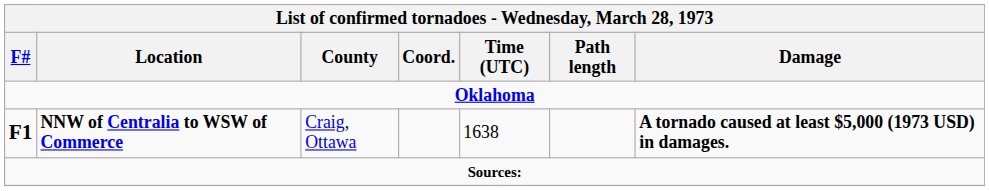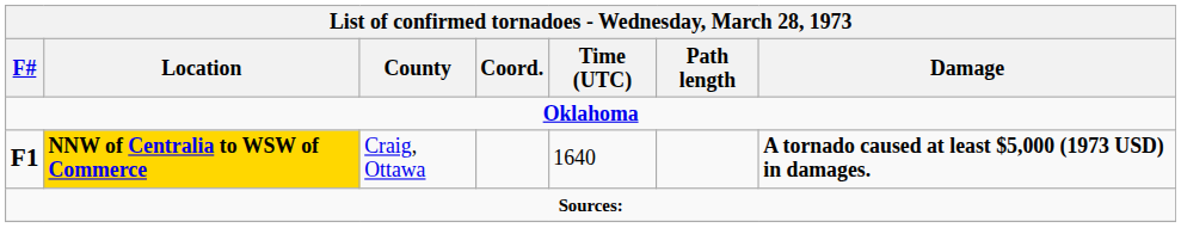 <table class="wikitable collapsible" width="100%">
 <tr>
 <th colspan="7">List of confirmed tornadoes - Wednesday, March 28, 1973</th>
 </tr>
 <tr>
 <th><a href='#'>F#</a></th>
 <th>Location</th>
 <th>County</th>
 <th>Coord.</th>
 <th>Time (UTC)</th>
 <th>Path length</th>
 <th>Damage</th>
 </tr>
 <tr>
 <td colspan="7" align=center><strong><a href='#'>Oklahoma</a></strong></td>
 </tr>
 <tr>
 <td><big><strong>F1</strong></big></td>
-<td><strong>NNW of <a href='#'>Centralia</a> to WSW of <a href='#'>Commerce</a></strong></td>
+<td style="background: gold;"><strong>NNW of <a href='#'>Centralia</a> to WSW of <a href='#'>Commerce</a></strong></td>
 <td><a href='#'>Craig</a>, <a href='#'>Ottawa</a></td>
 <td></td>
-<td>1638</td>
+<td>1640</td>
 <td></td>
 <td><strong>A tornado caused at least $5,000 (1973 USD) in damages.</strong></td>
 </tr>
 <tr>
 <td colspan="7" align="center"><small><strong>Sources:</strong> </small></td>
 </tr>
 <tr>
 </tr>
 </table>
